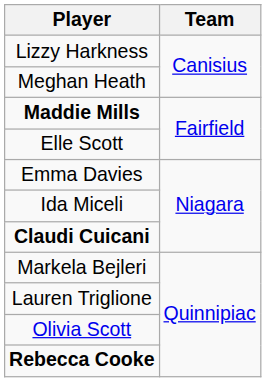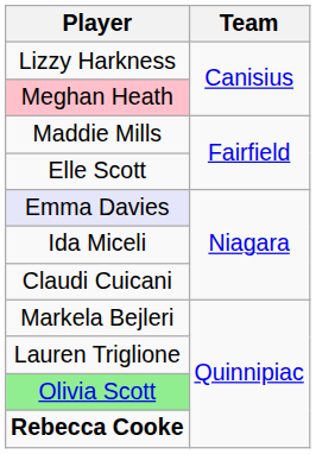 <table class="wikitable" style="text-align: center;">
 <tr>
 <th>Player</th>
 <th>Team</th>
 </tr>
 <tr>
 <td>Lizzy Harkness</td>
 <td rowspan=2><a href='#'>Canisius</a></td>
 </tr>
 <tr>
-<td>Meghan Heath</td>
+<td style="background: pink;">Meghan Heath</td>
 </tr>
 <tr>
-<td><strong>Maddie Mills</strong></td>
+<td>Maddie Mills</td>
 <td rowspan=2><a href='#'>Fairfield</a></td>
 </tr>
 <tr>
 <td>Elle Scott</td>
 </tr>
 <tr>
-<td>Emma Davies</td>
+<td style="background: lavender;">Emma Davies</td>
 <td rowspan=3><a href='#'>Niagara</a></td>
 </tr>
 <tr>
 <td>Ida Miceli</td>
 </tr>
 <tr>
-<td><strong>Claudi Cuicani</strong></td>
+<td>Claudi Cuicani</td>
 </tr>
 <tr>
 <td>Markela Bejleri</td>
 <td rowspan=4><a href='#'>Quinnipiac</a></td>
 </tr>
 <tr>
 <td>Lauren Triglione</td>
 </tr>
 <tr>
-<td><a href='#'>Olivia Scott</a></td>
+<td style="background: lightgreen;"><a href='#'>Olivia Scott</a></td>
 </tr>
 <tr>
 <td><strong>Rebecca Cooke</strong></td>
 </tr>
 </table>
